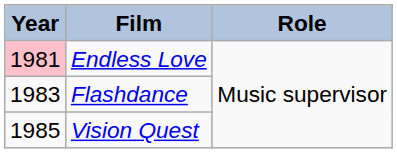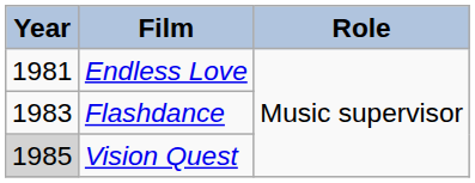 <table class="wikitable" style="font-size:95%;">
 <tr>
 <th style="background:#B0C4DE;">Year</th>
 <th style="background:#B0C4DE;">Film</th>
 <th style="background:#B0C4DE;">Role</th>
 </tr>
 <tr>
-<td style="background: pink;">1981</td>
+<td>1981</td>
 <td><em><a href='#'>Endless Love</a></em></td>
 <td rowspan=3>Music supervisor</td>
 </tr>
 <tr>
 <td>1983</td>
 <td><em><a href='#'>Flashdance</a></em></td>
 </tr>
 <tr>
-<td>1985</td>
+<td style="background: lightgrey;">1985</td>
 <td><em><a href='#'>Vision Quest</a></em></td>
 </tr>
 </table>
